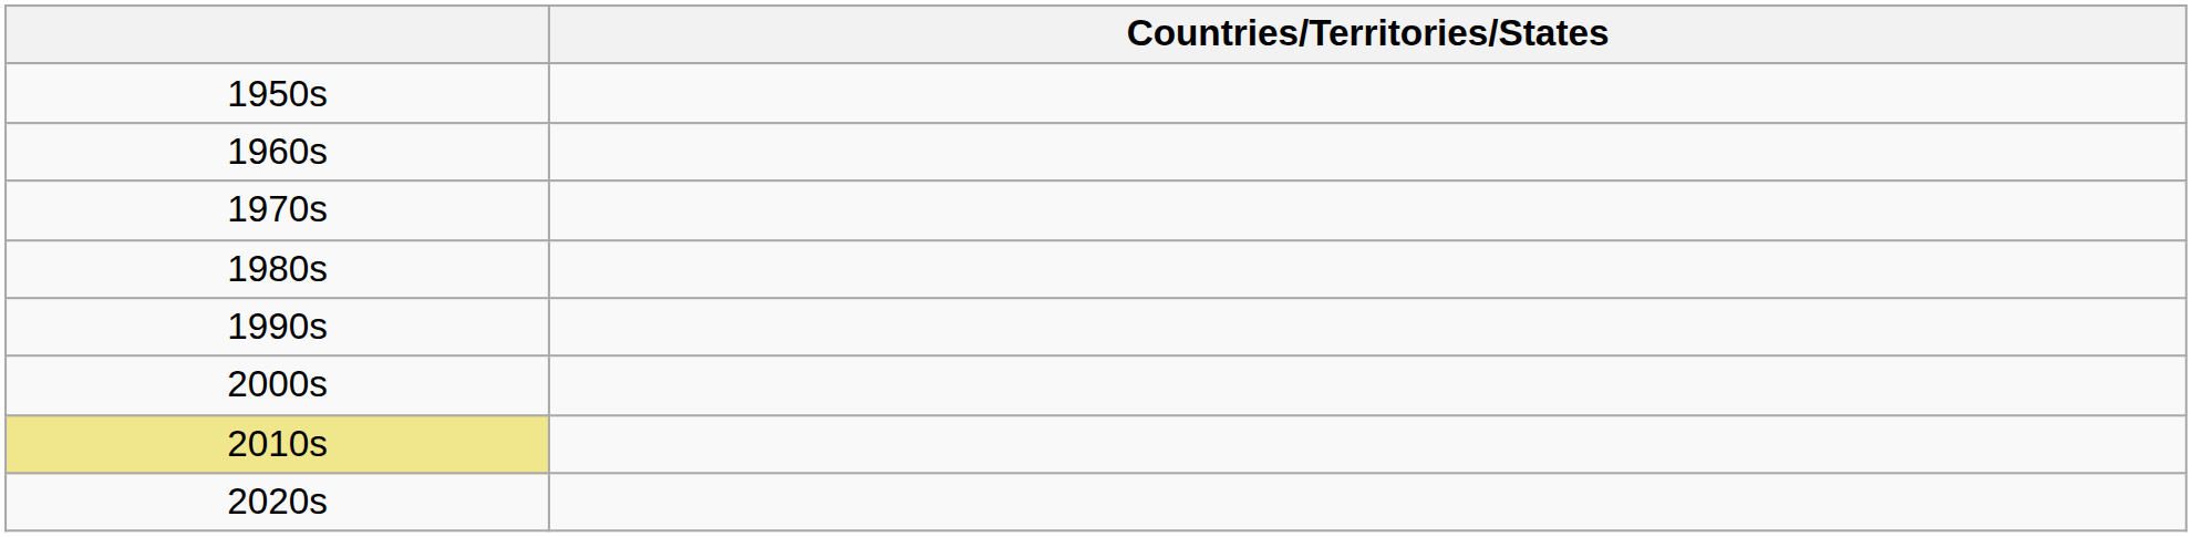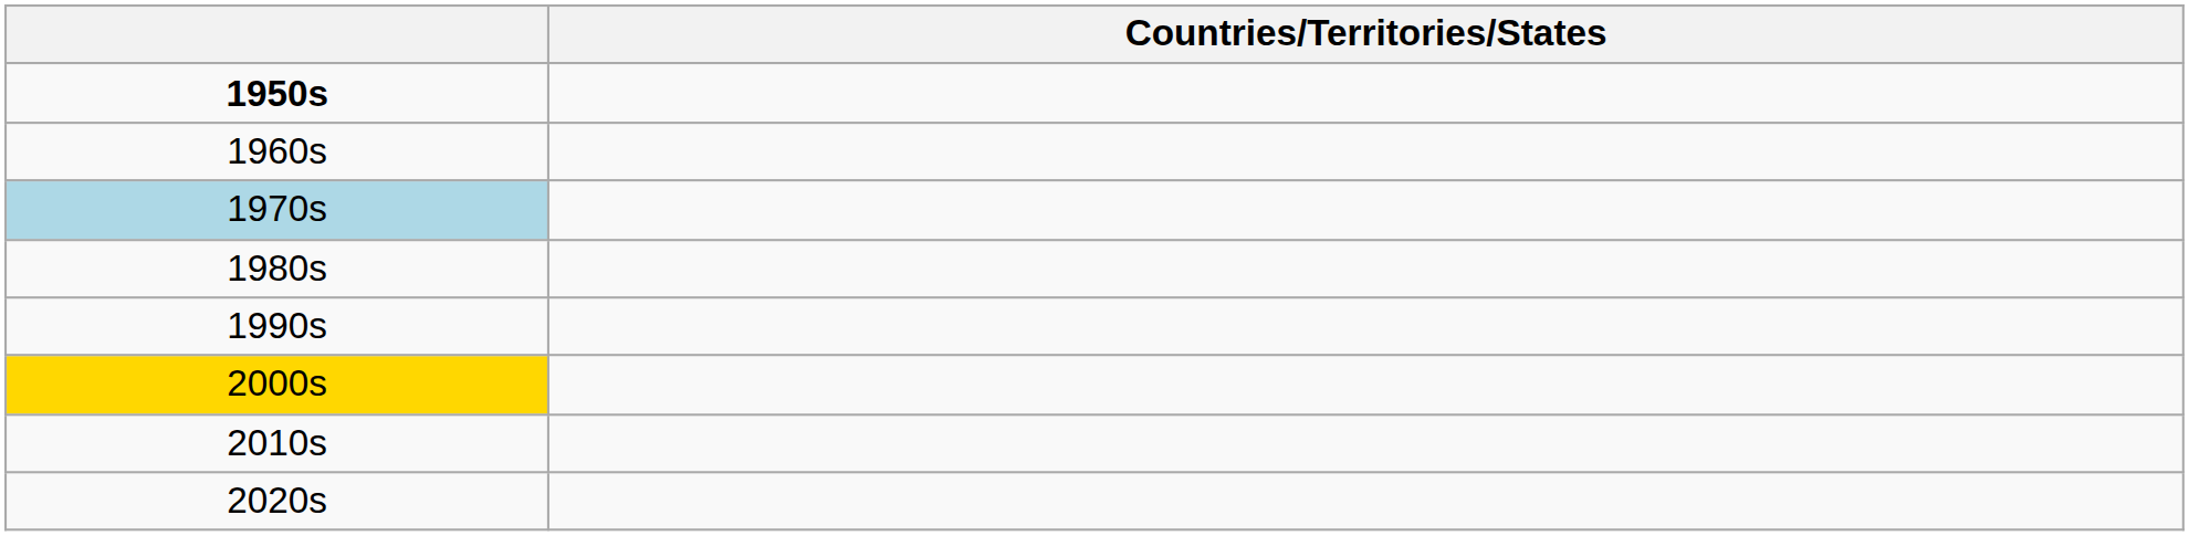 <table class="wikitable" style="width:75%">
 <tr>
 <th style="width:8em;"></th>
 <th style="width:25em;">Countries/Territories/States</th>
 </tr>
 <tr>
-<td style="text-align:center;">1950s</td>
+<td style="text-align:center;"><strong>1950s</strong></td>
 <td></td>
 </tr>
 <tr>
 <td style="text-align:center;">1960s</td>
 <td></td>
 </tr>
 <tr>
-<td style="text-align:center;">1970s</td>
+<td style="background: lightblue; text-align:center;">1970s</td>
 <td></td>
 </tr>
 <tr>
 <td style="text-align:center;">1980s</td>
 <td></td>
 </tr>
 <tr>
 <td style="text-align:center;">1990s</td>
 <td></td>
 </tr>
 <tr>
-<td style="text-align:center;">2000s</td>
+<td style="background: gold; text-align:center;">2000s</td>
 <td></td>
 </tr>
 <tr>
-<td style="background: khaki; text-align:center;">2010s</td>
+<td style="text-align:center;">2010s</td>
 <td></td>
 </tr>
 <tr>
 <td style="text-align:center;">2020s</td>
 <td></td>
 </tr>
 </table>
